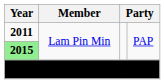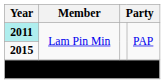 <table class="wikitable" align="center" style="text-align:center">
 <tr>
 <th>Year</th>
 <th>Member</th>
 <th colspan="2">Party</th>
 </tr>
 <tr>
-<td><strong>2011</strong></td>
+<td style="background: paleturquoise;"><strong>2011</strong></td>
 <td rowspan="2"><a href='#'>Lam Pin Min</a></td>
 <td rowspan="2"></td>
 <td rowspan="2"><a href='#'>PAP</a></td>
 </tr>
 <tr>
-<td style="background: lightgreen;"><strong>2015</strong></td>
+<td><strong>2015</strong></td>
 </tr>
 <tr>
 <td colspan=5 bgcolor=black><span><strong>Constituency abolished (2020)</strong></span></td>
 </tr>
 </table>
